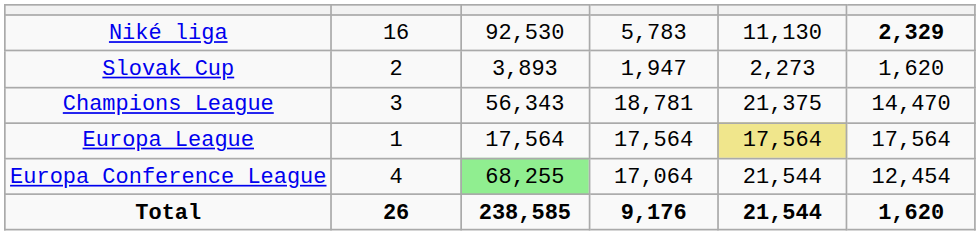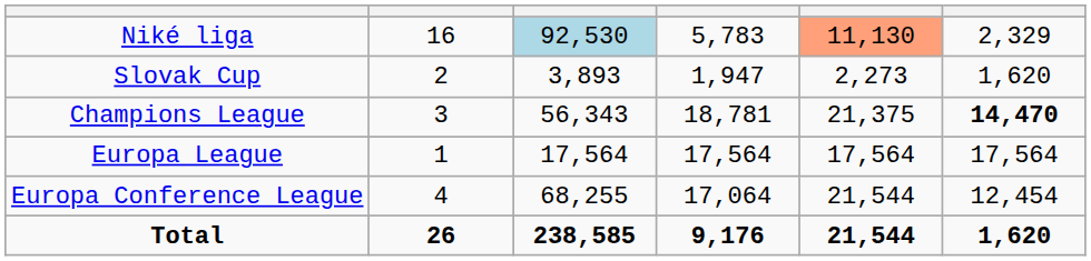 <table class="wikitable sortable" style="text-align: center;">
 <tr>
 <th></th>
 <th style="width:70px;"></th>
 <th style="width:70px;"></th>
 <th style="width:70px;"></th>
 <th style="width:70px;"></th>
 <th style="width:70px;"></th>
 </tr>
 <tr>
 <td><a href='#'>Niké liga</a></td>
 <td>16</td>
-<td>92,530</td>
+<td style="background: lightblue;">92,530</td>
 <td>5,783</td>
-<td>11,130</td>
-<td><strong>2,329</strong></td>
+<td style="background: lightsalmon;">11,130</td>
+<td>2,329</td>
 </tr>
 <tr>
 <td><a href='#'>Slovak Cup</a></td>
 <td>2</td>
 <td>3,893</td>
 <td>1,947</td>
 <td>2,273</td>
 <td>1,620</td>
 </tr>
 <tr>
 <td><a href='#'>Champions League</a></td>
 <td>3</td>
 <td>56,343</td>
 <td>18,781</td>
 <td>21,375</td>
-<td>14,470</td>
+<td><strong>14,470</strong></td>
 </tr>
 <tr>
 <td><a href='#'>Europa League</a></td>
 <td>1</td>
 <td>17,564</td>
 <td>17,564</td>
-<td style="background: khaki;">17,564</td>
+<td>17,564</td>
 <td>17,564</td>
 </tr>
 <tr>
 <td><a href='#'>Europa Conference League</a></td>
 <td>4</td>
-<td style="background: lightgreen;">68,255</td>
+<td>68,255</td>
 <td>17,064</td>
 <td>21,544</td>
 <td>12,454</td>
 </tr>
 <tr>
 <td><strong>Total</strong></td>
 <td><strong>26</strong></td>
 <td><strong>238,585</strong></td>
 <td><strong>9,176</strong></td>
 <td><strong>21,544</strong></td>
 <td><strong>1,620</strong></td>
 </tr>
 </table>
